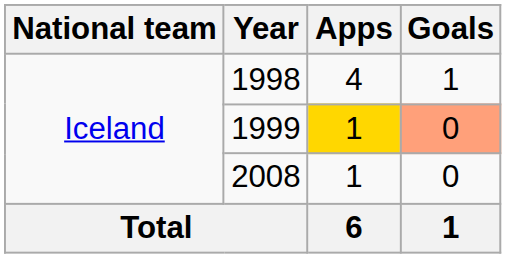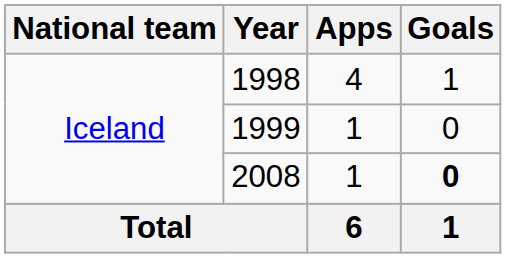 <table class=wikitable style="text-align: center">
 <tr>
 <th>National team</th>
 <th>Year</th>
 <th>Apps</th>
 <th>Goals</th>
 </tr>
 <tr>
 <td rowspan=3><a href='#'>Iceland</a></td>
 <td>1998</td>
 <td>4</td>
 <td>1</td>
 </tr>
 <tr>
 <td>1999</td>
-<td style="background: gold;">1</td>
-<td style="background: lightsalmon;">0</td>
+<td>1</td>
+<td>0</td>
 </tr>
 <tr>
 <td>2008</td>
 <td>1</td>
-<td>0</td>
+<td><strong>0</strong></td>
 </tr>
 <tr>
 <th colspan=2>Total</th>
 <th>6</th>
 <th>1</th>
 </tr>
 </table>
